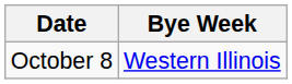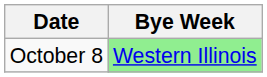 <table class="wikitable" style="font-size:95%;">
 <tr>
 <th>Date</th>
 <th colspan="4">Bye Week</th>
 </tr>
 <tr>
 <td>October 8</td>
-<td><a href='#'>Western Illinois</a></td>
+<td style="background: lightgreen;"><a href='#'>Western Illinois</a></td>
 </tr>
 </table>
